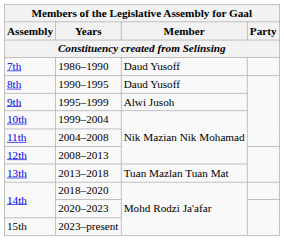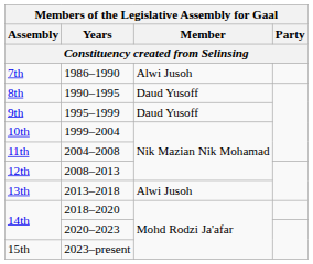 <table class=wikitable>
 <tr>
 <th colspan=4>Members of the Legislative Assembly for Gaal</th>
 </tr>
 <tr>
 <th>Assembly</th>
 <th>Years</th>
 <th>Member</th>
 <th>Party</th>
 </tr>
 <tr>
 <th colspan=4 align=center><em>Constituency created from Selinsing</em></th>
 </tr>
 <tr>
 <td><a href='#'>7th</a></td>
 <td>1986–1990</td>
-<td>Daud Yusoff</td>
+<td>Alwi Jusoh</td>
 <td></td>
 </tr>
 <tr>
 <td><a href='#'>8th</a></td>
 <td>1990–1995</td>
 <td>Daud Yusoff</td>
 <td rowspan=4></td>
 </tr>
 <tr>
 <td><a href='#'>9th</a></td>
 <td>1995–1999</td>
-<td>Alwi Jusoh</td>
+<td>Daud Yusoff</td>
 </tr>
 <tr>
 <td><a href='#'>10th</a></td>
 <td>1999–2004</td>
 <td rowspan=3>Nik Mazian Nik Mohamad</td>
 </tr>
 <tr>
 <td><a href='#'>11th</a></td>
 <td>2004–2008</td>
 </tr>
 <tr>
 <td><a href='#'>12th</a></td>
 <td>2008–2013</td>
 <td rowspan=2></td>
 </tr>
 <tr>
 <td><a href='#'>13th</a></td>
 <td>2013–2018</td>
-<td>Tuan Mazlan Tuan Mat</td>
+<td>Alwi Jusoh</td>
 </tr>
 <tr>
 <td rowspan="2"><a href='#'>14th</a></td>
 <td>2018–2020</td>
 <td rowspan="3">Mohd Rodzi Ja'afar</td>
 <td></td>
 </tr>
 <tr>
 <td>2020–2023</td>
 <td rowspan=2></td>
 </tr>
 <tr>
 <td>15th</td>
 <td>2023–present</td>
 </tr>
 </table>
